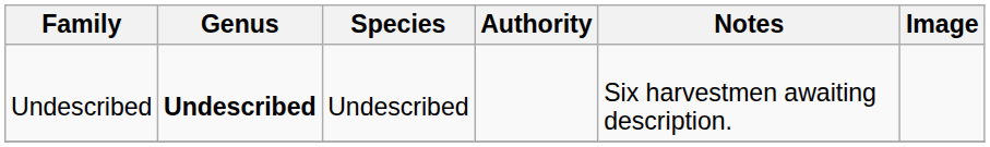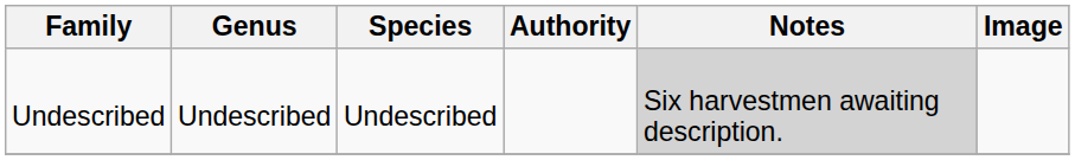 <table class="wikitable" align="center" width="100%">
 <tr>
 <th>Family</th>
 <th>Genus</th>
 <th>Species</th>
 <th>Authority</th>
 <th>Notes</th>
 <th>Image</th>
 </tr>
 <tr>
 <td><br>Undescribed</td>
-<td><strong><br>Undescribed</strong></td>
+<td><br>Undescribed</td>
 <td><br>Undescribed</td>
 <td></td>
-<td><br>Six harvestmen awaiting description.</td>
+<td style="background: lightgrey;"><br>Six harvestmen awaiting description.</td>
 <td></td>
 </tr>
 <tr>
 </tr>
 </table>
